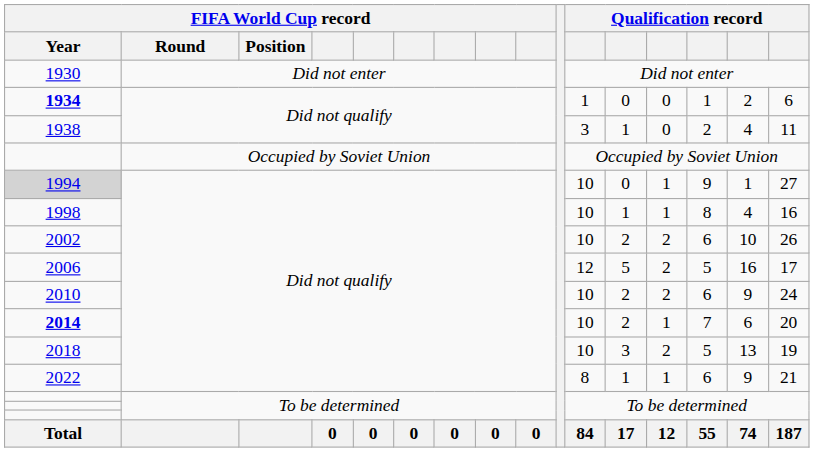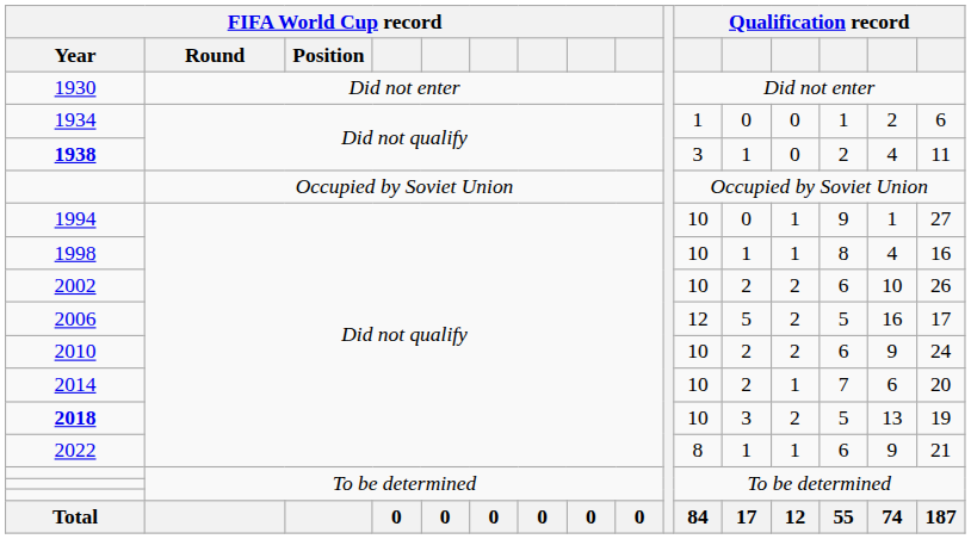 <table class="wikitable" style="text-align: center;">
 <tr>
 <th colspan=9><a href='#'>FIFA World Cup</a> record</th>
 <th rowspan=26></th>
 <th colspan=6><a href='#'>Qualification</a> record</th>
 </tr>
 <tr>
 <th width=100>Year</th>
 <th width=100>Round</th>
 <th width=60>Position</th>
 <th width=30></th>
 <th width=30></th>
 <th width=30></th>
 <th width=30></th>
 <th width=30></th>
 <th width=30></th>
 <th width=30></th>
 <th width=30></th>
 <th width=30></th>
 <th width=30></th>
 <th width=30></th>
 <th width=30></th>
 </tr>
 <tr>
 <td> <a href='#'>1930</a></td>
 <td colspan=8><em>Did not enter</em></td>
 <td colspan=6><em>Did not enter</em></td>
 </tr>
 <tr>
-<td><strong> <a href='#'>1934</a></strong></td>
+<td> <a href='#'>1934</a></td>
 <td rowspan=2 colspan=8><em>Did not qualify</em></td>
 <td>1</td>
 <td>0</td>
 <td>0</td>
 <td>1</td>
 <td>2</td>
 <td>6</td>
 </tr>
 <tr>
-<td> <a href='#'>1938</a></td>
+<td><strong> <a href='#'>1938</a></strong></td>
 <td>3</td>
 <td>1</td>
 <td>0</td>
 <td>2</td>
 <td>4</td>
 <td>11</td>
 </tr>
 <tr>
 <td></td>
 <td colspan=8><em>Occupied by Soviet Union</em></td>
 <td colspan=6><em>Occupied by Soviet Union</em></td>
 </tr>
 <tr>
-<td style="background: lightgrey;"> <a href='#'>1994</a></td>
+<td> <a href='#'>1994</a></td>
 <td rowspan=8 colspan=8><em>Did not qualify</em></td>
 <td>10</td>
 <td>0</td>
 <td>1</td>
 <td>9</td>
 <td>1</td>
 <td>27</td>
 </tr>
 <tr>
 <td> <a href='#'>1998</a></td>
 <td>10</td>
 <td>1</td>
 <td>1</td>
 <td>8</td>
 <td>4</td>
 <td>16</td>
 </tr>
 <tr>
 <td>  <a href='#'>2002</a></td>
 <td>10</td>
 <td>2</td>
 <td>2</td>
 <td>6</td>
 <td>10</td>
 <td>26</td>
 </tr>
 <tr>
 <td> <a href='#'>2006</a></td>
 <td>12</td>
 <td>5</td>
 <td>2</td>
 <td>5</td>
 <td>16</td>
 <td>17</td>
 </tr>
 <tr>
 <td> <a href='#'>2010</a></td>
 <td>10</td>
 <td>2</td>
 <td>2</td>
 <td>6</td>
 <td>9</td>
 <td>24</td>
 </tr>
 <tr>
-<td><strong> <a href='#'>2014</a></strong></td>
+<td> <a href='#'>2014</a></td>
 <td>10</td>
 <td>2</td>
 <td>1</td>
 <td>7</td>
 <td>6</td>
 <td>20</td>
 </tr>
 <tr>
-<td> <a href='#'>2018</a></td>
+<td><strong> <a href='#'>2018</a></strong></td>
 <td>10</td>
 <td>3</td>
 <td>2</td>
 <td>5</td>
 <td>13</td>
 <td>19</td>
 </tr>
 <tr>
 <td> <a href='#'>2022</a></td>
 <td>8</td>
 <td>1</td>
 <td>1</td>
 <td>6</td>
 <td>9</td>
 <td>21</td>
 </tr>
 <tr>
 <td></td>
 <td colspan=8 rowspan=3><em>To be determined</em></td>
 <td colspan=6 rowspan=3><em>To be determined</em></td>
 </tr>
 <tr>
 <td></td>
 </tr>
 <tr>
 <td></td>
 </tr>
 <tr>
 <th>Total</th>
 <th></th>
 <th></th>
 <th>0</th>
 <th>0</th>
 <th>0</th>
 <th>0</th>
 <th>0</th>
 <th>0</th>
 <th>84</th>
 <th>17</th>
 <th>12</th>
 <th>55</th>
 <th>74</th>
 <th>187</th>
 </tr>
 </table>
